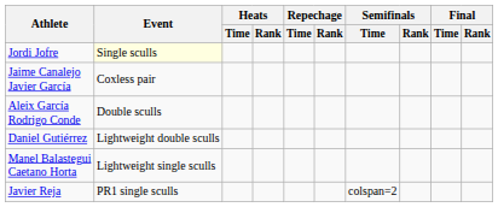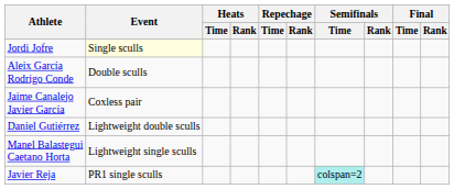 <table class="wikitable" style="font-size:90%">
 <tr>
 <th rowspan="2">Athlete</th>
 <th rowspan="2">Event</th>
 <th colspan="2">Heats</th>
 <th colspan="2">Repechage</th>
 <th colspan="2">Semifinals</th>
 <th colspan="2">Final</th>
 </tr>
 <tr style="font-size:95%">
 <th>Time</th>
 <th>Rank</th>
 <th>Time</th>
 <th>Rank</th>
 <th>Time</th>
 <th>Rank</th>
 <th>Time</th>
 <th>Rank</th>
 </tr>
 <tr align=center>
 <td align=left><a href='#'>Jordi Jofre</a></td>
 <td align=left style="background: lightyellow;">Single sculls</td>
 <td></td>
 <td></td>
 <td></td>
 <td></td>
 <td></td>
 <td></td>
 <td></td>
 <td></td>
 </tr>
 <tr align=center>
-<td align=left><a href='#'>Jaime Canalejo</a><br><a href='#'>Javier García</a></td>
-<td align=left>Coxless pair</td>
+<td align=left><a href='#'>Aleix García</a><br><a href='#'>Rodrigo Conde</a></td>
+<td align=left>Double sculls</td>
 <td></td>
 <td></td>
 <td></td>
 <td></td>
 <td></td>
 <td></td>
 <td></td>
 <td></td>
 </tr>
 <tr align=center>
-<td align=left><a href='#'>Aleix García</a><br><a href='#'>Rodrigo Conde</a></td>
-<td align=left>Double sculls</td>
+<td align=left><a href='#'>Jaime Canalejo</a><br><a href='#'>Javier García</a></td>
+<td align=left>Coxless pair</td>
 <td></td>
 <td></td>
 <td></td>
 <td></td>
 <td></td>
 <td></td>
 <td></td>
 <td></td>
 </tr>
 <tr align=center>
 <td align=left><a href='#'>Daniel Gutiérrez</a></td>
 <td align=left>Lightweight double sculls</td>
 <td></td>
 <td></td>
 <td></td>
 <td></td>
 <td></td>
 <td></td>
 <td></td>
 <td></td>
 </tr>
 <tr align=center>
 <td align=left><a href='#'>Manel Balastegui</a><br><a href='#'>Caetano Horta</a></td>
 <td align=left>Lightweight single sculls</td>
 <td></td>
 <td></td>
 <td></td>
 <td></td>
 <td></td>
 <td></td>
 <td></td>
 <td></td>
 </tr>
 <tr align=center>
 <td align=left><a href='#'>Javier Reja</a></td>
 <td align=left>PR1 single sculls</td>
 <td></td>
 <td></td>
 <td></td>
 <td></td>
-<td>colspan=2</td>
+<td style="background: paleturquoise;">colspan=2</td>
 <td></td>
 <td></td>
 </tr>
 </table>
